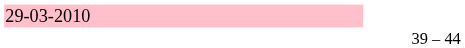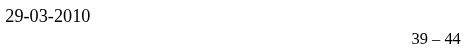 <table width=100% cellspacing=1>
 <tr>
 <th width=25%></th>
 <th width=10%></th>
 <th></th>
 </tr>
 <tr>
-<td style="background: pink;">29-03-2010</td>
+<td>29-03-2010</td>
 </tr>
 <tr style=font-size:90%>
 <td align=right></td>
 <td align=center>39 – 44</td>
 <td></td>
 </tr>
 </table>
